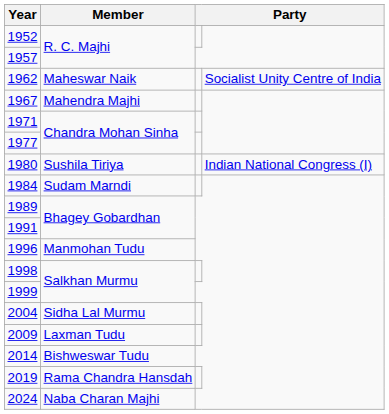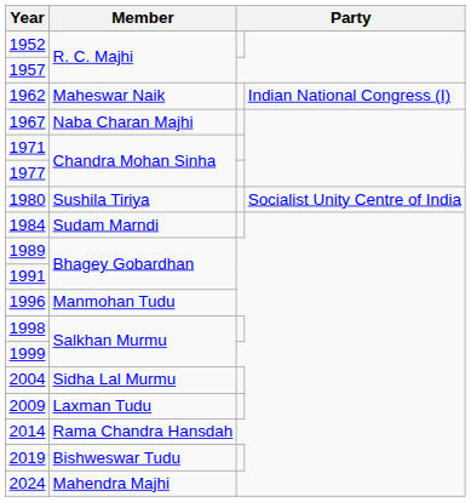 <table class="wikitable">
 <tr>
 <th>Year</th>
 <th>Member</th>
 <th colspan="2">Party</th>
 </tr>
 <tr>
 <td><a href='#'>1952</a></td>
 <td rowspan="2"><a href='#'>R. C. Majhi</a></td>
 <td></td>
 </tr>
 <tr>
 <td><a href='#'>1957</a></td>
 </tr>
 <tr>
 <td><a href='#'>1962</a></td>
 <td><a href='#'>Maheswar Naik</a></td>
 <td style="background-color: "></td>
-<td><a href='#'>Socialist Unity Centre of India</a></td>
+<td><a href='#'>Indian National Congress (I)</a></td>
 </tr>
 <tr>
 <td><a href='#'>1967</a></td>
-<td><a href='#'>Mahendra Majhi</a></td>
+<td><a href='#'>Naba Charan Majhi</a></td>
 <td></td>
 </tr>
 <tr>
 <td><a href='#'>1971</a></td>
 <td rowspan="2"><a href='#'>Chandra Mohan Sinha</a></td>
 <td></td>
 </tr>
 <tr>
 <td><a href='#'>1977</a></td>
 <td></td>
 </tr>
 <tr>
 <td><a href='#'>1980</a></td>
 <td><a href='#'>Sushila Tiriya</a></td>
 <td style="background-color: "></td>
-<td><a href='#'>Indian National Congress (I)</a></td>
+<td><a href='#'>Socialist Unity Centre of India</a></td>
 </tr>
 <tr>
 <td><a href='#'>1984</a></td>
 <td><a href='#'>Sudam Marndi</a></td>
 <td></td>
 </tr>
 <tr>
 <td><a href='#'>1989</a></td>
 <td rowspan="2"><a href='#'>Bhagey Gobardhan</a></td>
 </tr>
 <tr>
 <td><a href='#'>1991</a></td>
 </tr>
 <tr>
 <td><a href='#'>1996</a></td>
 <td><a href='#'>Manmohan Tudu</a></td>
 </tr>
 <tr>
 <td><a href='#'>1998</a></td>
 <td rowspan="2"><a href='#'>Salkhan Murmu</a></td>
 <td></td>
 </tr>
 <tr>
 <td><a href='#'>1999</a></td>
 </tr>
 <tr>
 <td><a href='#'>2004</a></td>
 <td><a href='#'>Sidha Lal Murmu</a></td>
 <td></td>
 </tr>
 <tr>
 <td><a href='#'>2009</a></td>
 <td><a href='#'>Laxman Tudu</a></td>
 <td></td>
 </tr>
 <tr>
 <td><a href='#'>2014</a></td>
-<td><a href='#'>Bishweswar Tudu</a></td>
+<td><a href='#'>Rama Chandra Hansdah</a></td>
 </tr>
 <tr>
 <td><a href='#'>2019</a></td>
-<td><a href='#'>Rama Chandra Hansdah</a></td>
+<td><a href='#'>Bishweswar Tudu</a></td>
 <td></td>
 </tr>
 <tr>
 <td><a href='#'>2024</a></td>
-<td><a href='#'>Naba Charan Majhi</a></td>
+<td><a href='#'>Mahendra Majhi</a></td>
 </tr>
 </table>
